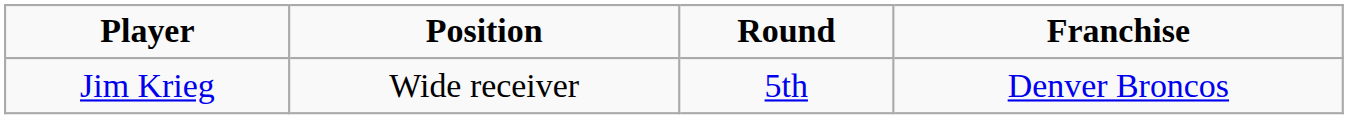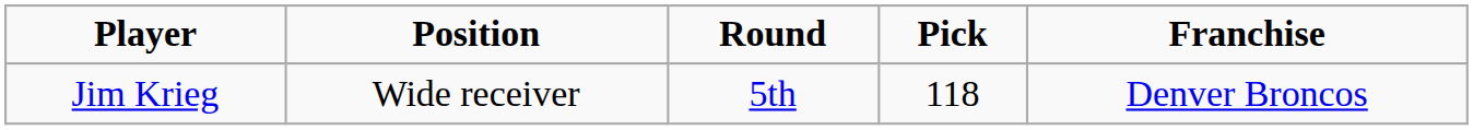 <table class="wikitable" width="50%">
 <tr align="center">
 <td><strong>Player</strong></td>
 <td><strong>Position</strong></td>
 <td><strong>Round</strong></td>
+<td><strong>Pick</strong></td>
 <td><strong>Franchise</strong></td>
 </tr>
 <tr align="center" bgcolor="">
 <td><a href='#'>Jim Krieg</a></td>
 <td>Wide receiver</td>
 <td><a href='#'>5th</a></td>
+<td>118</td>
 <td><a href='#'>Denver Broncos</a></td>
 </tr>
 </table>
